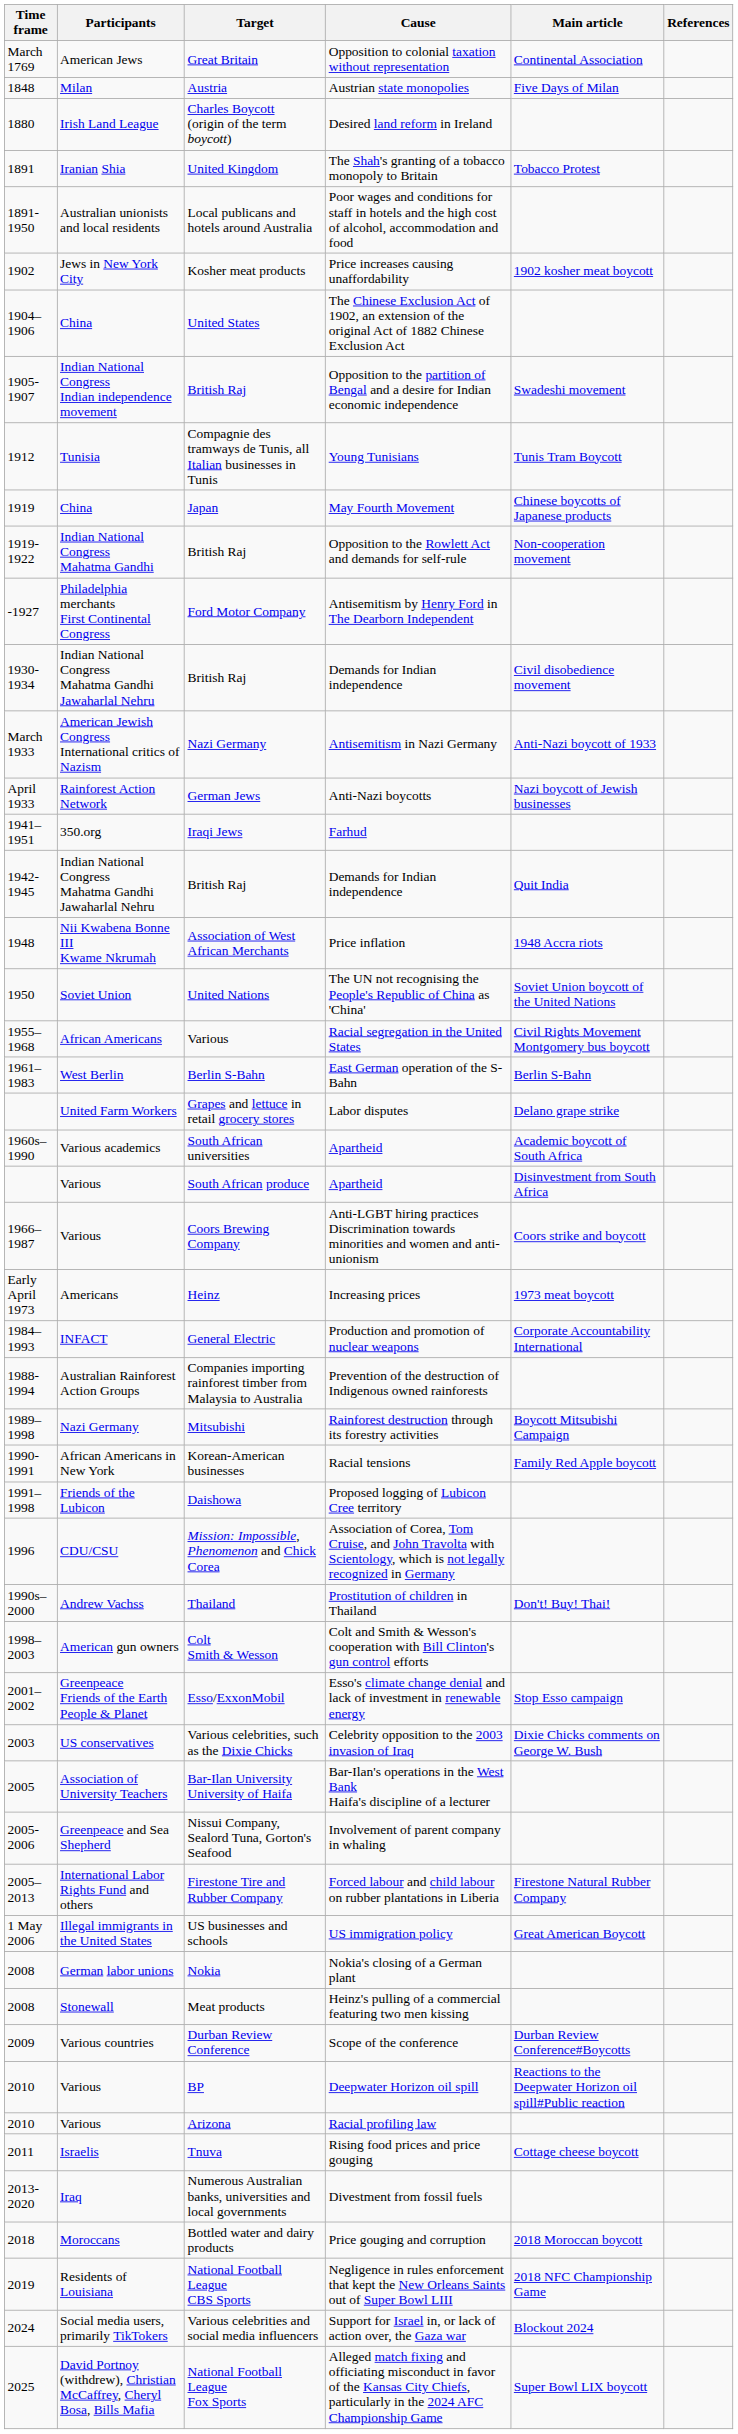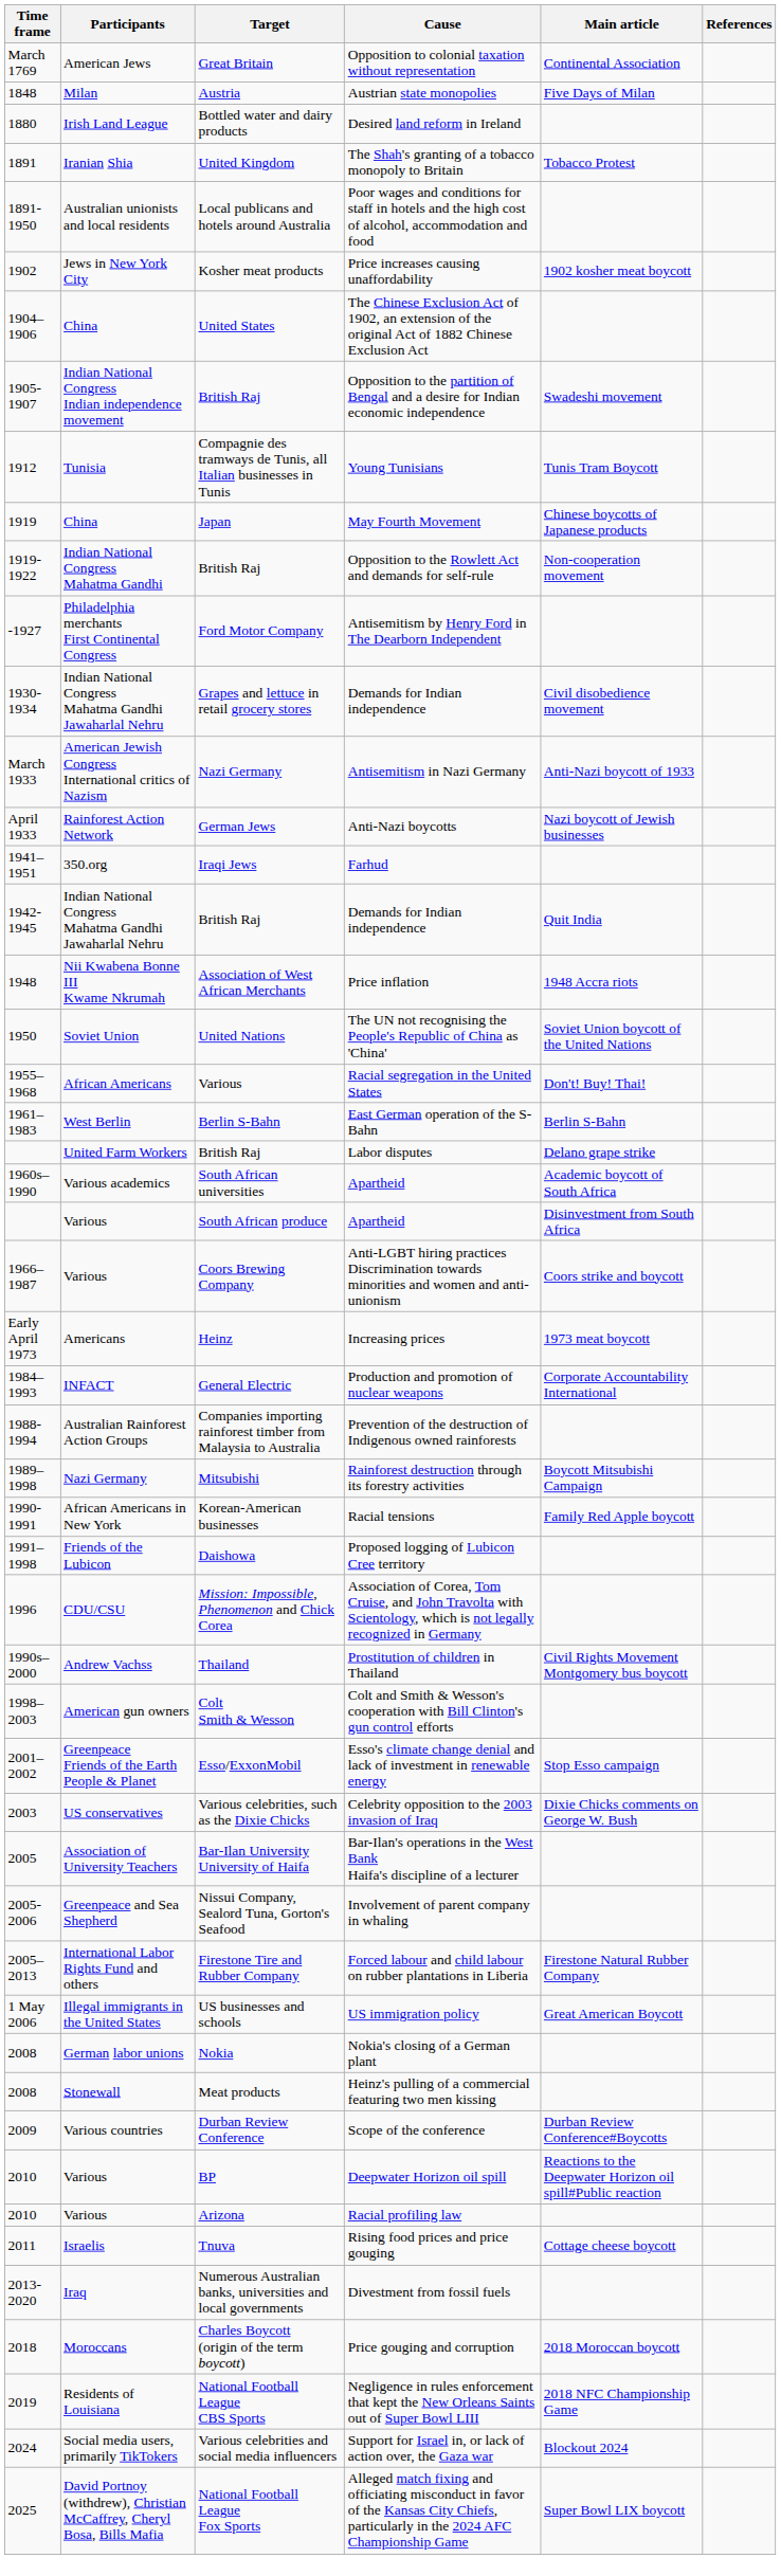 <table class="wikitable">
 <tr>
 <th>Time frame</th>
 <th>Participants</th>
 <th>Target</th>
 <th>Cause</th>
 <th>Main article</th>
 <th>References</th>
 </tr>
 <tr>
 <td>March 1769</td>
 <td>American Jews</td>
 <td><a href='#'>Great Britain</a></td>
 <td>Opposition to colonial <a href='#'>taxation without representation</a></td>
 <td><a href='#'>Continental Association</a></td>
 <td></td>
 </tr>
 <tr>
 <td>1848</td>
 <td><a href='#'>Milan</a></td>
 <td><a href='#'>Austria</a></td>
 <td>Austrian <a href='#'>state monopolies</a></td>
 <td><a href='#'>Five Days of Milan</a></td>
 <td></td>
 </tr>
 <tr>
 <td>1880</td>
 <td><a href='#'>Irish Land League</a></td>
-<td><a href='#'>Charles Boycott</a><br>(origin of the term <em>boycott</em>)</td>
+<td>Bottled water and dairy products</td>
 <td>Desired <a href='#'>land reform</a> in Ireland</td>
 <td></td>
 <td></td>
 </tr>
 <tr>
 <td>1891</td>
 <td><a href='#'>Iranian</a> <a href='#'>Shia</a></td>
 <td><a href='#'>United Kingdom</a></td>
 <td>The <a href='#'>Shah</a>'s granting of a tobacco monopoly to Britain</td>
 <td><a href='#'>Tobacco Protest</a></td>
 <td></td>
 </tr>
 <tr>
 <td>1891-1950</td>
 <td>Australian unionists and local residents</td>
 <td>Local publicans and hotels around Australia</td>
 <td>Poor wages and conditions for staff in hotels and the high cost of alcohol, accommodation and food</td>
 <td></td>
 <td></td>
 </tr>
 <tr>
 <td>1902</td>
 <td>Jews in <a href='#'>New York City</a></td>
 <td>Kosher meat products</td>
 <td>Price increases causing unaffordability</td>
 <td><a href='#'>1902 kosher meat boycott</a></td>
 <td></td>
 </tr>
 <tr>
 <td>1904–1906</td>
 <td><a href='#'>China</a></td>
 <td><a href='#'>United States</a></td>
 <td>The <a href='#'>Chinese Exclusion Act</a> of 1902, an extension of the original Act of 1882 Chinese Exclusion Act</td>
 <td></td>
 <td></td>
 </tr>
 <tr>
 <td>1905-1907</td>
 <td><a href='#'>Indian National Congress</a><br><a href='#'>Indian independence movement</a></td>
 <td><a href='#'>British Raj</a></td>
 <td>Opposition to the <a href='#'>partition of Bengal</a> and a desire for Indian economic independence</td>
 <td><a href='#'>Swadeshi movement</a></td>
 <td></td>
 </tr>
 <tr>
 <td>1912</td>
 <td><a href='#'>Tunisia</a></td>
 <td>Compagnie des tramways de Tunis, all <a href='#'>Italian</a> businesses in Tunis</td>
 <td><a href='#'>Young Tunisians</a></td>
 <td><a href='#'>Tunis Tram Boycott</a></td>
 <td></td>
 </tr>
 <tr>
 <td>1919</td>
 <td><a href='#'>China</a></td>
 <td><a href='#'>Japan</a></td>
 <td><a href='#'>May Fourth Movement</a></td>
 <td><a href='#'>Chinese boycotts of Japanese products</a></td>
 <td></td>
 </tr>
 <tr>
 <td>1919-1922</td>
 <td><a href='#'>Indian National Congress</a><br><a href='#'>Mahatma Gandhi</a></td>
 <td>British Raj</td>
 <td>Opposition to the <a href='#'>Rowlett Act</a> and demands for self-rule</td>
 <td><a href='#'>Non-cooperation movement</a></td>
 <td></td>
 </tr>
 <tr>
 <td>-1927</td>
 <td><a href='#'>Philadelphia</a> merchants<br><a href='#'>First Continental Congress</a></td>
 <td><a href='#'>Ford Motor Company</a></td>
 <td>Antisemitism by <a href='#'>Henry Ford</a> in <a href='#'>The Dearborn Independent</a></td>
 <td></td>
 <td></td>
 </tr>
 <tr>
 <td>1930-1934</td>
 <td>Indian National Congress<br>Mahatma Gandhi <a href='#'>Jawaharlal Nehru</a></td>
-<td>British Raj</td>
+<td><a href='#'>Grapes</a> and <a href='#'>lettuce</a> in retail <a href='#'>grocery stores</a></td>
 <td>Demands for Indian independence</td>
 <td><a href='#'>Civil disobedience movement</a></td>
 <td></td>
 </tr>
 <tr>
 <td>March 1933</td>
 <td><a href='#'>American Jewish Congress</a><br>International critics of <a href='#'>Nazism</a></td>
 <td><a href='#'>Nazi Germany</a></td>
 <td><a href='#'>Antisemitism</a> in Nazi Germany</td>
 <td><a href='#'>Anti-Nazi boycott of 1933</a></td>
 <td></td>
 </tr>
 <tr>
 <td>April 1933</td>
 <td><a href='#'>Rainforest Action Network</a></td>
 <td><a href='#'>German Jews</a></td>
 <td>Anti-Nazi boycotts</td>
 <td><a href='#'>Nazi boycott of Jewish businesses</a></td>
 <td></td>
 </tr>
 <tr>
 <td>1941–1951</td>
 <td>350.org</td>
 <td><a href='#'>Iraqi Jews</a></td>
 <td><a href='#'>Farhud</a></td>
 <td></td>
 <td></td>
 </tr>
 <tr>
 <td>1942-1945</td>
 <td>Indian National Congress<br>Mahatma Gandhi Jawaharlal Nehru</td>
 <td>British Raj</td>
 <td>Demands for Indian independence</td>
 <td><a href='#'>Quit India</a></td>
 <td></td>
 </tr>
 <tr>
 <td>1948</td>
 <td><a href='#'>Nii Kwabena Bonne III</a><br><a href='#'>Kwame Nkrumah</a></td>
 <td><a href='#'>Association of West African Merchants</a></td>
 <td>Price inflation</td>
 <td><a href='#'>1948 Accra riots</a></td>
 <td></td>
 </tr>
 <tr>
 <td>1950</td>
 <td><a href='#'>Soviet Union</a></td>
 <td><a href='#'>United Nations</a></td>
 <td>The UN not recognising the <a href='#'>People's Republic of China</a> as 'China'</td>
 <td><a href='#'>Soviet Union boycott of the United Nations</a></td>
 <td></td>
 </tr>
 <tr>
 <td>1955–1968</td>
 <td><a href='#'>African Americans</a></td>
 <td>Various</td>
 <td><a href='#'>Racial segregation in the United States</a></td>
-<td><a href='#'>Civil Rights Movement</a><br><a href='#'>Montgomery bus boycott</a></td>
+<td><a href='#'>Don't! Buy! Thai!</a></td>
 <td></td>
 </tr>
 <tr>
 <td>1961–1983</td>
 <td><a href='#'>West Berlin</a></td>
 <td><a href='#'>Berlin S-Bahn</a></td>
 <td><a href='#'>East German</a> operation of the S-Bahn</td>
 <td><a href='#'>Berlin S-Bahn</a></td>
 <td></td>
 </tr>
 <tr>
 <td></td>
 <td><a href='#'>United Farm Workers</a></td>
-<td><a href='#'>Grapes</a> and <a href='#'>lettuce</a> in retail <a href='#'>grocery stores</a></td>
+<td>British Raj</td>
 <td>Labor disputes</td>
 <td><a href='#'>Delano grape strike</a></td>
 <td></td>
 </tr>
 <tr>
 <td>1960s–1990</td>
 <td>Various academics</td>
 <td><a href='#'>South African</a> universities</td>
 <td><a href='#'>Apartheid</a></td>
 <td><a href='#'>Academic boycott of South Africa</a></td>
 <td></td>
 </tr>
 <tr>
 <td></td>
 <td>Various</td>
 <td><a href='#'>South African</a> <a href='#'>produce</a></td>
 <td><a href='#'>Apartheid</a></td>
 <td><a href='#'>Disinvestment from South Africa</a></td>
 <td></td>
 </tr>
 <tr>
 <td>1966–1987</td>
 <td>Various</td>
 <td><a href='#'>Coors Brewing Company</a></td>
 <td>Anti-LGBT hiring practices<br>Discrimination towards minorities and women and anti-unionism</td>
 <td><a href='#'>Coors strike and boycott</a></td>
 <td></td>
 </tr>
 <tr>
 <td>Early April 1973</td>
 <td>Americans</td>
 <td><a href='#'>Heinz</a></td>
 <td>Increasing prices</td>
 <td><a href='#'>1973 meat boycott</a></td>
 <td></td>
 </tr>
 <tr>
 <td>1984–1993</td>
 <td><a href='#'>INFACT</a></td>
 <td><a href='#'>General Electric</a></td>
 <td>Production and promotion of <a href='#'>nuclear weapons</a></td>
 <td><a href='#'>Corporate Accountability International</a></td>
 <td></td>
 </tr>
 <tr>
 <td>1988-1994</td>
 <td>Australian Rainforest Action Groups</td>
 <td>Companies importing rainforest timber from Malaysia to Australia</td>
 <td>Prevention of the destruction of Indigenous owned rainforests</td>
 <td></td>
 <td></td>
 </tr>
 <tr>
 <td>1989–1998</td>
 <td><a href='#'>Nazi Germany</a></td>
 <td><a href='#'>Mitsubishi</a></td>
 <td><a href='#'>Rainforest destruction</a> through its forestry activities</td>
 <td><a href='#'>Boycott Mitsubishi Campaign</a></td>
 <td></td>
 </tr>
 <tr>
 <td>1990-1991</td>
 <td>African Americans in New York</td>
 <td>Korean-American businesses</td>
 <td>Racial tensions</td>
 <td><a href='#'>Family Red Apple boycott</a></td>
 <td></td>
 </tr>
 <tr>
 <td>1991–1998</td>
 <td><a href='#'>Friends of the Lubicon</a></td>
 <td><a href='#'>Daishowa</a></td>
 <td>Proposed logging of <a href='#'>Lubicon Cree</a> territory</td>
 <td></td>
 <td></td>
 </tr>
 <tr>
 <td>1996</td>
 <td><a href='#'>CDU/CSU</a></td>
 <td><em><a href='#'>Mission: Impossible</a></em>, <a href='#'><em>Phenomenon</em></a> and <a href='#'>Chick Corea</a></td>
 <td>Association of Corea, <a href='#'>Tom Cruise</a>, and <a href='#'>John Travolta</a> with <a href='#'>Scientology</a>, which is <a href='#'>not legally recognized</a> in <a href='#'>Germany</a></td>
 <td></td>
 <td></td>
 </tr>
 <tr>
 <td>1990s–2000</td>
 <td><a href='#'>Andrew Vachss</a></td>
 <td><a href='#'>Thailand</a></td>
 <td><a href='#'>Prostitution of children</a> in Thailand</td>
-<td><a href='#'>Don't! Buy! Thai!</a></td>
+<td><a href='#'>Civil Rights Movement</a><br><a href='#'>Montgomery bus boycott</a></td>
 <td></td>
 </tr>
 <tr>
 <td>1998–2003</td>
 <td><a href='#'>American</a> gun owners</td>
 <td><a href='#'>Colt</a><br><a href='#'>Smith & Wesson</a></td>
 <td>Colt and Smith & Wesson's cooperation with <a href='#'>Bill Clinton</a>'s <a href='#'>gun control</a> efforts</td>
 <td></td>
 <td></td>
 </tr>
 <tr>
 <td>2001–2002</td>
 <td><a href='#'>Greenpeace</a><br><a href='#'>Friends of the Earth</a><br><a href='#'>People & Planet</a></td>
 <td><a href='#'>Esso</a>/<a href='#'>ExxonMobil</a></td>
 <td>Esso's <a href='#'>climate change denial</a> and lack of investment in <a href='#'>renewable energy</a></td>
 <td><a href='#'>Stop Esso campaign</a></td>
 <td></td>
 </tr>
 <tr>
 <td>2003</td>
 <td><a href='#'>US conservatives</a></td>
 <td>Various celebrities, such as the <a href='#'>Dixie Chicks</a></td>
 <td>Celebrity opposition to the <a href='#'>2003 invasion of Iraq</a></td>
 <td><a href='#'>Dixie Chicks comments on George W. Bush</a></td>
 <td></td>
 </tr>
 <tr>
 <td>2005</td>
 <td><a href='#'>Association of University Teachers</a></td>
 <td><a href='#'>Bar-Ilan University</a><br><a href='#'>University of Haifa</a></td>
 <td>Bar-Ilan's operations in the <a href='#'>West Bank</a><br>Haifa's discipline of a lecturer</td>
 <td></td>
 <td></td>
 </tr>
 <tr>
 <td>2005-2006</td>
 <td><a href='#'>Greenpeace</a> and Sea <a href='#'>Shepherd</a></td>
 <td>Nissui Company, Sealord Tuna, Gorton's Seafood</td>
 <td>Involvement of parent company in whaling</td>
 <td></td>
 <td></td>
 </tr>
 <tr>
 <td>2005–2013</td>
 <td><a href='#'>International Labor Rights Fund</a> and others</td>
 <td><a href='#'>Firestone Tire and Rubber Company</a></td>
 <td><a href='#'>Forced labour</a> and <a href='#'>child labour</a> on rubber plantations in Liberia</td>
 <td><a href='#'>Firestone Natural Rubber Company</a></td>
 <td></td>
 </tr>
 <tr>
 <td>1 May 2006</td>
 <td><a href='#'>Illegal immigrants in the United States</a></td>
 <td>US businesses and schools</td>
 <td><a href='#'>US immigration policy</a></td>
 <td><a href='#'>Great American Boycott</a></td>
 <td></td>
 </tr>
 <tr>
 <td>2008</td>
 <td><a href='#'>German</a> <a href='#'>labor unions</a></td>
 <td><a href='#'>Nokia</a></td>
 <td>Nokia's closing of a German plant</td>
 <td></td>
 <td></td>
 </tr>
 <tr>
 <td>2008</td>
 <td><a href='#'>Stonewall</a></td>
 <td>Meat products</td>
 <td>Heinz's pulling of a commercial featuring two men kissing</td>
 <td></td>
 <td></td>
 </tr>
 <tr>
 <td>2009</td>
 <td>Various countries</td>
 <td><a href='#'>Durban Review Conference</a></td>
 <td>Scope of the conference</td>
 <td><a href='#'>Durban Review Conference#Boycotts</a></td>
 <td></td>
 </tr>
 <tr>
 <td>2010</td>
 <td>Various</td>
 <td><a href='#'>BP</a></td>
 <td><a href='#'>Deepwater Horizon oil spill</a></td>
 <td><a href='#'>Reactions to the Deepwater Horizon oil spill#Public reaction</a></td>
 <td></td>
 </tr>
 <tr>
 <td>2010</td>
 <td>Various</td>
 <td><a href='#'>Arizona</a></td>
 <td><a href='#'>Racial profiling law</a></td>
 <td></td>
 <td></td>
 </tr>
 <tr>
 <td>2011</td>
 <td><a href='#'>Israelis</a></td>
 <td><a href='#'>Tnuva</a></td>
 <td>Rising food prices and price gouging</td>
 <td><a href='#'>Cottage cheese boycott</a></td>
 </tr>
 <tr>
 <td>2013-2020</td>
 <td><a href='#'>Iraq</a></td>
 <td>Numerous Australian banks, universities and local governments</td>
 <td>Divestment from fossil fuels</td>
 <td></td>
 <td></td>
 </tr>
 <tr>
 <td>2018</td>
 <td><a href='#'>Moroccans</a></td>
-<td>Bottled water and dairy products</td>
+<td><a href='#'>Charles Boycott</a><br>(origin of the term <em>boycott</em>)</td>
 <td>Price gouging and corruption</td>
 <td><a href='#'>2018 Moroccan boycott</a></td>
 </tr>
 <tr>
 <td>2019</td>
 <td>Residents of <a href='#'>Louisiana</a></td>
 <td><a href='#'>National Football League</a><br><a href='#'>CBS Sports</a></td>
 <td>Negligence in rules enforcement that kept the <a href='#'>New Orleans Saints</a> out of <a href='#'>Super Bowl LIII</a></td>
 <td><a href='#'>2018 NFC Championship Game</a></td>
 <td></td>
 </tr>
 <tr>
 <td>2024</td>
 <td>Social media users, primarily <a href='#'>TikTokers</a></td>
 <td>Various celebrities and social media influencers</td>
 <td>Support for <a href='#'>Israel</a> in, or lack of action over, the <a href='#'>Gaza war</a></td>
 <td><a href='#'>Blockout 2024</a></td>
 <td></td>
 </tr>
 <tr>
 <td>2025</td>
 <td><a href='#'>David Portnoy</a> (withdrew), <a href='#'>Christian McCaffrey</a>, <a href='#'>Cheryl Bosa</a>, <a href='#'>Bills Mafia</a></td>
 <td><a href='#'>National Football League</a><br><a href='#'>Fox Sports</a></td>
 <td>Alleged <a href='#'>match fixing</a> and officiating misconduct in favor of the <a href='#'>Kansas City Chiefs</a>, particularly in the <a href='#'>2024 AFC Championship Game</a></td>
 <td><a href='#'>Super Bowl LIX boycott</a></td>
 <td></td>
 </tr>
 </table>
